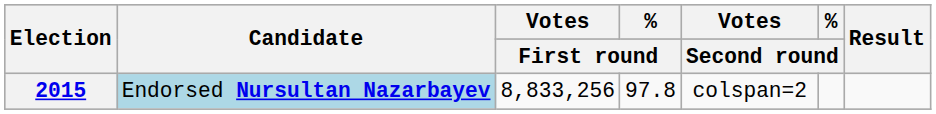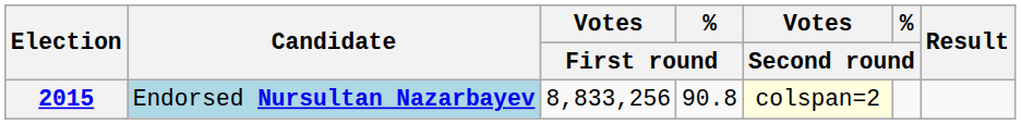 <table class="wikitable" style="text-align:center">
 <tr>
 <th rowspan="2"><strong>Election</strong></th>
 <th rowspan="2">Candidate</th>
 <th><strong>Votes</strong></th>
 <th><strong>%</strong></th>
 <th><strong>Votes</strong></th>
 <th><strong>%</strong></th>
 <th rowspan="2"><strong>Result</strong></th>
 </tr>
 <tr>
 <th colspan="2">First round</th>
 <th colspan="2">Second round</th>
 </tr>
 <tr>
 <th><a href='#'>2015</a></th>
 <td style="background: lightblue;">Endorsed <strong><a href='#'>Nursultan Nazarbayev</a></strong></td>
 <td>8,833,256</td>
-<td>97.8</td>
-<td>colspan=2 </td>
+<td>90.8</td>
+<td style="background: lightyellow;">colspan=2 </td>
 <td></td>
 </tr>
 </table>
